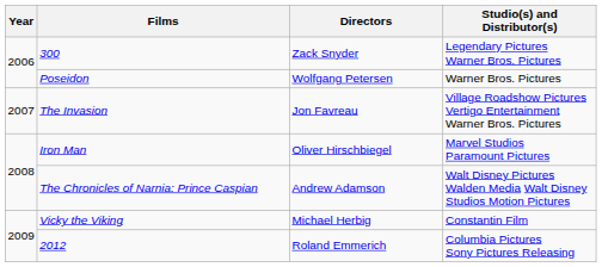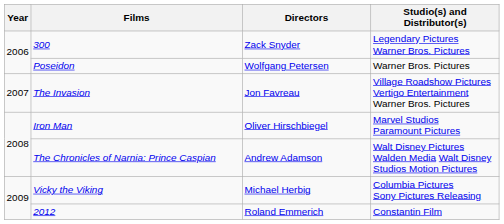 <table class="wikitable mw-collapsible">
 <tr>
 <th>Year</th>
 <th scope=col style="width: 250pt;">Films</th>
 <th scope=col style="width: 150pt;">Directors</th>
 <th scope=col style="width: 150pt;">Studio(s) and Distributor(s)</th>
 </tr>
 <tr>
 <td rowspan="2">2006</td>
 <td><a href='#'><em>300</em></a></td>
 <td><a href='#'>Zack Snyder</a></td>
 <td><a href='#'>Legendary Pictures</a><br><a href='#'>Warner Bros. Pictures</a></td>
 </tr>
 <tr>
 <td><a href='#'><em>Poseidon</em></a></td>
 <td><a href='#'>Wolfgang Petersen</a></td>
 <td>Warner Bros. Pictures</td>
 </tr>
 <tr>
 <td>2007</td>
 <td><a href='#'><em>The Invasion</em></a></td>
 <td><a href='#'>Jon Favreau</a></td>
 <td><a href='#'>Village Roadshow Pictures</a><br><a href='#'>Vertigo Entertainment</a> Warner Bros. Pictures</td>
 </tr>
 <tr>
 <td rowspan="2">2008</td>
 <td><a href='#'><em>Iron Man</em></a></td>
 <td><a href='#'>Oliver Hirschbiegel</a></td>
 <td><a href='#'>Marvel Studios</a><br><a href='#'>Paramount Pictures</a></td>
 </tr>
 <tr>
 <td><em><a href='#'>The Chronicles of Narnia: Prince Caspian</a></em></td>
 <td><a href='#'>Andrew Adamson</a></td>
 <td><a href='#'>Walt Disney Pictures</a><br><a href='#'>Walden Media</a> <a href='#'>Walt Disney Studios Motion Pictures</a></td>
 </tr>
 <tr>
 <td rowspan="2">2009</td>
 <td><a href='#'><em>Vicky the Viking</em></a></td>
 <td><a href='#'>Michael Herbig</a></td>
-<td><a href='#'>Constantin Film</a></td>
+<td><a href='#'>Columbia Pictures</a><br><a href='#'>Sony Pictures Releasing</a></td>
 </tr>
 <tr>
 <td><a href='#'><em>2012</em></a></td>
 <td><a href='#'>Roland Emmerich</a></td>
-<td><a href='#'>Columbia Pictures</a><br><a href='#'>Sony Pictures Releasing</a></td>
+<td><a href='#'>Constantin Film</a></td>
 </tr>
 </table>
